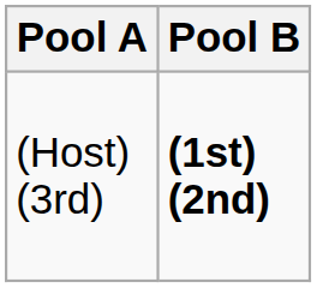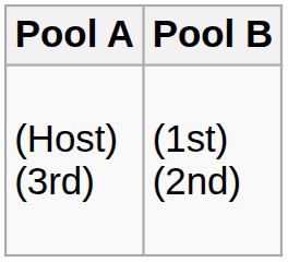 <table class="wikitable">
 <tr>
 <th width=50%>Pool A</th>
 <th width=50%>Pool B</th>
 </tr>
 <tr>
 <td valign=top><br> (Host)<br>  (3rd)<br> <br> </td>
-<td><strong><br> (1st)<br>  (2nd)<br> <br> </strong></td>
+<td><br> (1st)<br>  (2nd)<br> <br> </td>
 </tr>
 </table>
